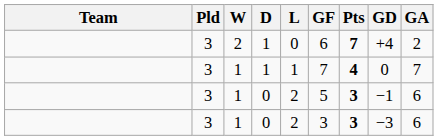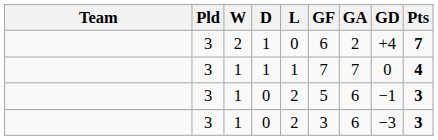 <table class=wikitable style="text-align:center">
 <tr>
 <th width=175>Team</th>
 <th width=20>Pld</th>
 <th width=20>W</th>
 <th width=20>D</th>
 <th width=20>L</th>
 <th width=20>GF</th>
+<th width=20>GA</th>
+<th width=20>GD</th>
 <th width=20>Pts</th>
-<th width=20>GD</th>
-<th width=20>GA</th>
 </tr>
 <tr>
 <td align=left></td>
 <td>3</td>
 <td>2</td>
 <td>1</td>
 <td>0</td>
 <td>6</td>
+<td>2</td>
+<td>+4</td>
 <td><strong>7</strong></td>
-<td>+4</td>
-<td>2</td>
 </tr>
 <tr>
 <td align=left></td>
 <td>3</td>
 <td>1</td>
 <td>1</td>
 <td>1</td>
 <td>7</td>
+<td>7</td>
+<td>0</td>
 <td><strong>4</strong></td>
-<td>0</td>
-<td>7</td>
 </tr>
 <tr>
 <td align=left></td>
 <td>3</td>
 <td>1</td>
 <td>0</td>
 <td>2</td>
 <td>5</td>
+<td>6</td>
+<td>−1</td>
 <td><strong>3</strong></td>
-<td>−1</td>
-<td>6</td>
 </tr>
 <tr>
 <td align=left></td>
 <td>3</td>
 <td>1</td>
 <td>0</td>
 <td>2</td>
 <td>3</td>
+<td>6</td>
+<td>−3</td>
 <td><strong>3</strong></td>
-<td>−3</td>
-<td>6</td>
 </tr>
 </table>
